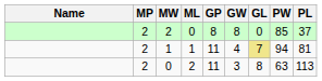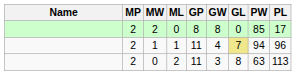 <table class=wikitable style="text-align:center">
 <tr>
 <th width=175>Name</th>
 <th width=20>MP</th>
 <th width=20>MW</th>
 <th width=20>ML</th>
 <th width=20>GP</th>
 <th width=20>GW</th>
 <th width=20>GL</th>
 <th width=20>PW</th>
 <th width=20>PL</th>
 </tr>
 <tr style="background-color:#ccffcc;">
 <td style="text-align:left;"><strong></strong></td>
 <td>2</td>
 <td>2</td>
 <td>0</td>
 <td>8</td>
 <td>8</td>
 <td>0</td>
 <td>85</td>
-<td>37</td>
+<td>17</td>
 </tr>
 <tr>
 <td style="text-align:left;"></td>
 <td>2</td>
 <td>1</td>
 <td>1</td>
 <td>11</td>
 <td>4</td>
 <td style="background: khaki;">7</td>
 <td>94</td>
-<td>81</td>
+<td>96</td>
 </tr>
 <tr>
 <td style="text-align:left;"></td>
 <td>2</td>
 <td>0</td>
 <td>2</td>
 <td>11</td>
 <td>3</td>
 <td>8</td>
 <td>63</td>
 <td>113</td>
 </tr>
 </table>
